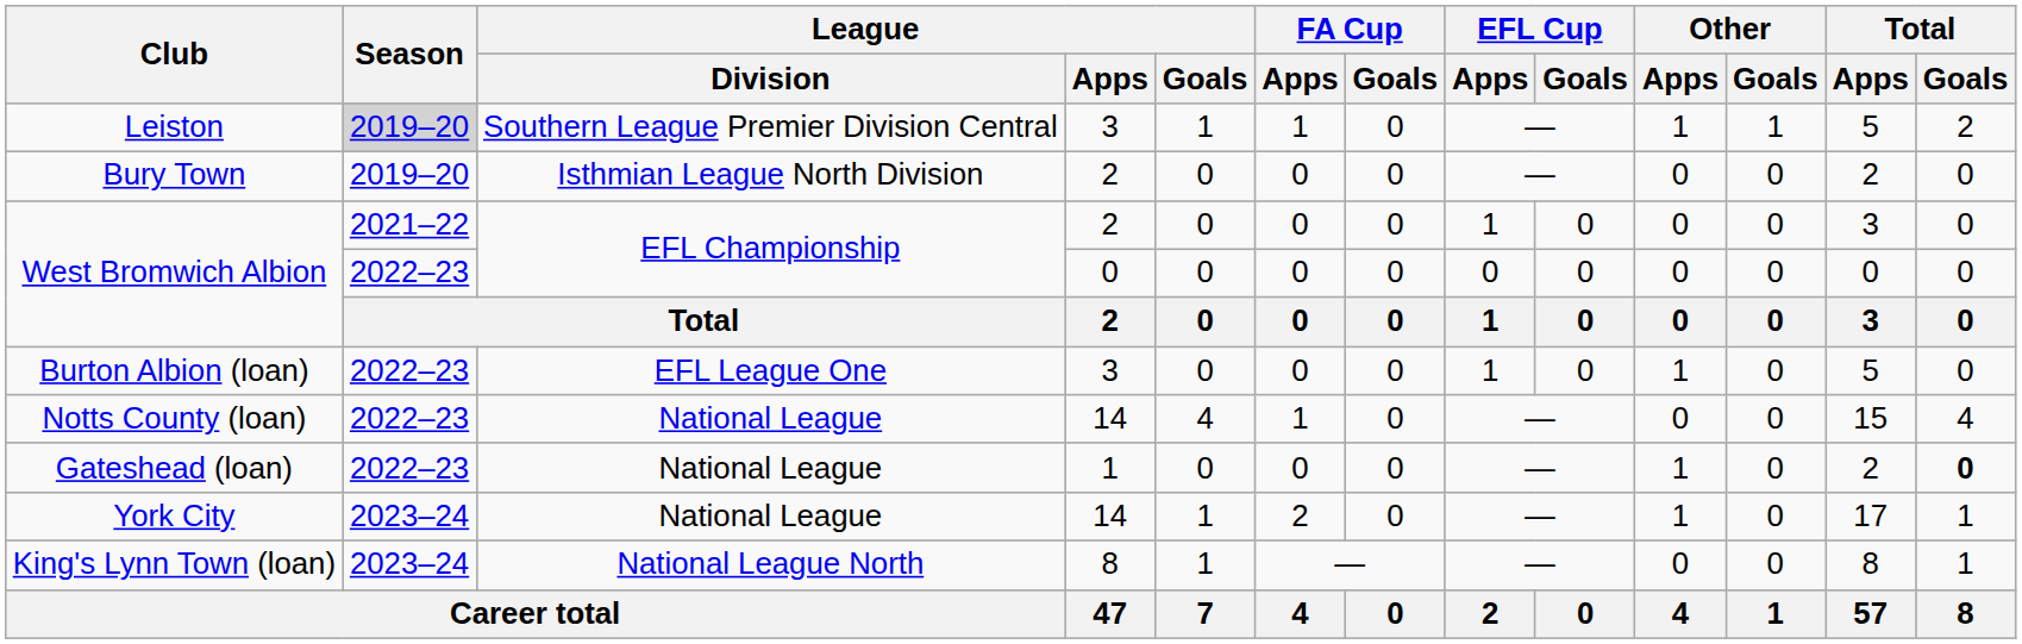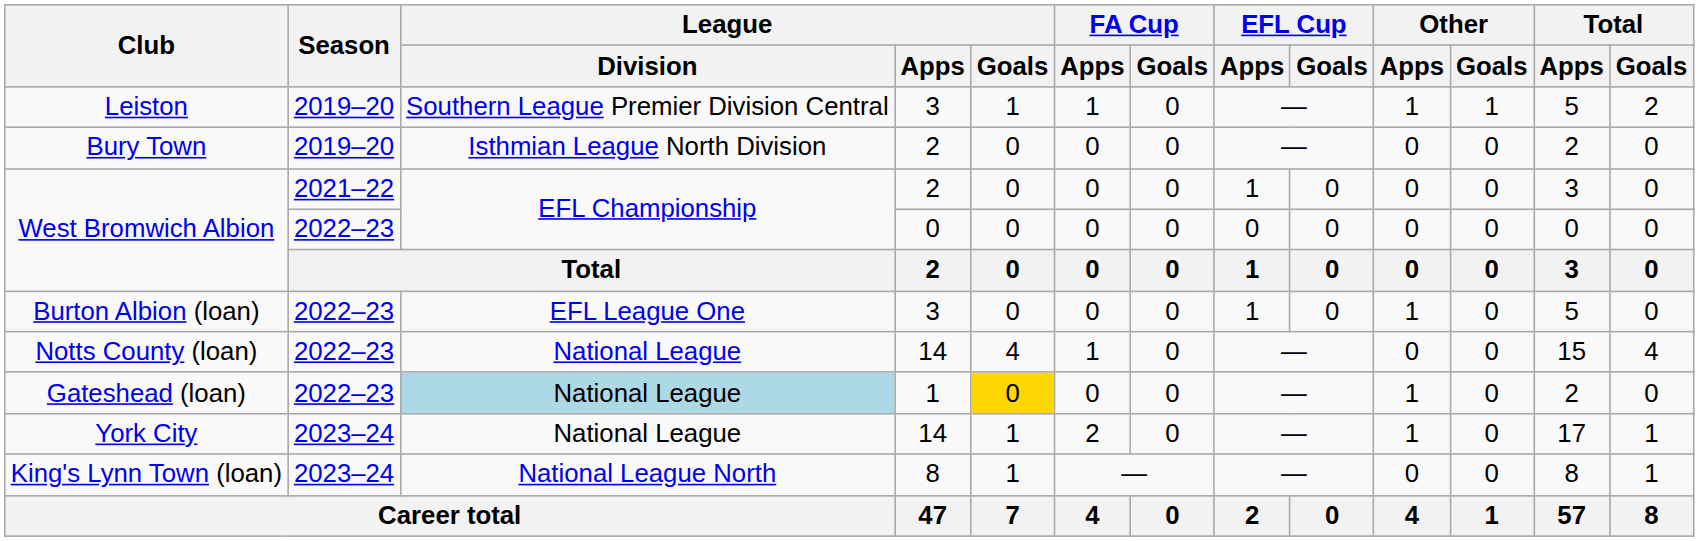 <table class="wikitable" style="text-align:center">
 <tr>
 <th rowspan="2">Club</th>
 <th rowspan="2">Season</th>
 <th colspan="3">League</th>
 <th colspan="2"><a href='#'>FA Cup</a></th>
 <th colspan="2"><a href='#'>EFL Cup</a></th>
 <th colspan="2">Other</th>
 <th colspan="2">Total</th>
 </tr>
 <tr>
 <th>Division</th>
 <th>Apps</th>
 <th>Goals</th>
 <th>Apps</th>
 <th>Goals</th>
 <th>Apps</th>
 <th>Goals</th>
 <th>Apps</th>
 <th>Goals</th>
 <th>Apps</th>
 <th>Goals</th>
 </tr>
 <tr>
 <td><a href='#'>Leiston</a></td>
-<td style="background: lightgrey;"><a href='#'>2019–20</a></td>
+<td><a href='#'>2019–20</a></td>
 <td><a href='#'>Southern League</a> Premier Division Central</td>
 <td>3</td>
 <td>1</td>
 <td>1</td>
 <td>0</td>
 <td colspan="2">—</td>
 <td>1</td>
 <td>1</td>
 <td>5</td>
 <td>2</td>
 </tr>
 <tr>
 <td><a href='#'>Bury Town</a></td>
 <td><a href='#'>2019–20</a></td>
 <td><a href='#'>Isthmian League</a> North Division</td>
 <td>2</td>
 <td>0</td>
 <td>0</td>
 <td>0</td>
 <td colspan="2">—</td>
 <td>0</td>
 <td>0</td>
 <td>2</td>
 <td>0</td>
 </tr>
 <tr>
 <td rowspan=3><a href='#'>West Bromwich Albion</a></td>
 <td><a href='#'>2021–22</a></td>
 <td rowspan="2"><a href='#'>EFL Championship</a></td>
 <td>2</td>
 <td>0</td>
 <td>0</td>
 <td>0</td>
 <td>1</td>
 <td>0</td>
 <td>0</td>
 <td>0</td>
 <td>3</td>
 <td>0</td>
 </tr>
 <tr>
 <td><a href='#'>2022–23</a></td>
 <td>0</td>
 <td>0</td>
 <td>0</td>
 <td>0</td>
 <td>0</td>
 <td>0</td>
 <td>0</td>
 <td>0</td>
 <td>0</td>
 <td>0</td>
 </tr>
 <tr>
 <th colspan=2>Total</th>
 <th>2</th>
 <th>0</th>
 <th>0</th>
 <th>0</th>
 <th>1</th>
 <th>0</th>
 <th>0</th>
 <th>0</th>
 <th>3</th>
 <th>0</th>
 </tr>
 <tr>
 <td><a href='#'>Burton Albion</a> (loan)</td>
 <td><a href='#'>2022–23</a></td>
 <td><a href='#'>EFL League One</a></td>
 <td>3</td>
 <td>0</td>
 <td>0</td>
 <td>0</td>
 <td>1</td>
 <td>0</td>
 <td>1</td>
 <td>0</td>
 <td>5</td>
 <td>0</td>
 </tr>
 <tr>
 <td><a href='#'>Notts County</a> (loan)</td>
 <td><a href='#'>2022–23</a></td>
 <td><a href='#'>National League</a></td>
 <td>14</td>
 <td>4</td>
 <td>1</td>
 <td>0</td>
 <td colspan="2">—</td>
 <td>0</td>
 <td>0</td>
 <td>15</td>
 <td>4</td>
 </tr>
 <tr>
 <td><a href='#'>Gateshead</a> (loan)</td>
 <td><a href='#'>2022–23</a></td>
-<td>National League</td>
+<td style="background: lightblue;">National League</td>
 <td>1</td>
-<td>0</td>
+<td style="background: gold;">0</td>
 <td>0</td>
 <td>0</td>
 <td colspan="2">—</td>
 <td>1</td>
 <td>0</td>
 <td>2</td>
-<td><strong>0</strong></td>
+<td>0</td>
 </tr>
 <tr>
 <td><a href='#'>York City</a></td>
 <td><a href='#'>2023–24</a></td>
 <td>National League</td>
 <td>14</td>
 <td>1</td>
 <td>2</td>
 <td>0</td>
 <td colspan="2">—</td>
 <td>1</td>
 <td>0</td>
 <td>17</td>
 <td>1</td>
 </tr>
 <tr>
 <td><a href='#'>King's Lynn Town</a> (loan)</td>
 <td><a href='#'>2023–24</a></td>
 <td><a href='#'>National League North</a></td>
 <td>8</td>
 <td>1</td>
 <td colspan="2">—</td>
 <td colspan="2">—</td>
 <td>0</td>
 <td>0</td>
 <td>8</td>
 <td>1</td>
 </tr>
 <tr>
 <th colspan="3">Career total</th>
 <th>47</th>
 <th>7</th>
 <th>4</th>
 <th>0</th>
 <th>2</th>
 <th>0</th>
 <th>4</th>
 <th>1</th>
 <th>57</th>
 <th>8</th>
 </tr>
 </table>
